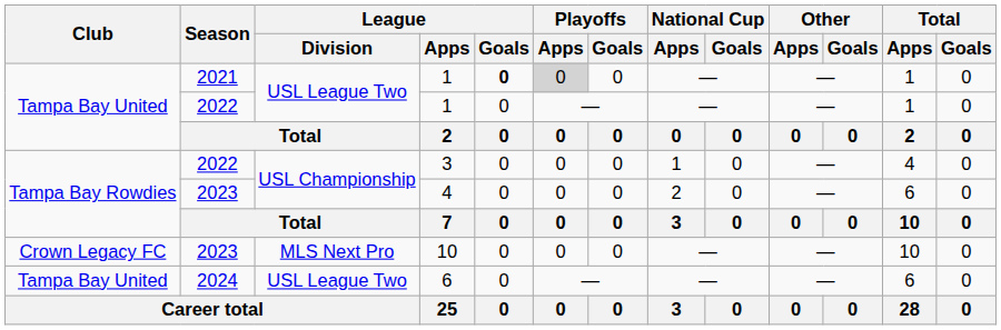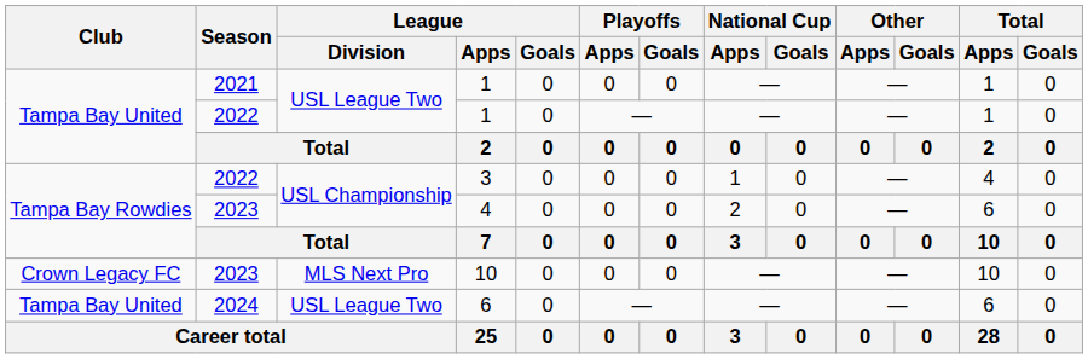 <table class="wikitable" style="text-align: center">
 <tr>
 <th rowspan="2">Club</th>
 <th rowspan="2">Season</th>
 <th colspan="3">League</th>
 <th colspan="2">Playoffs</th>
 <th colspan="2">National Cup</th>
 <th colspan="2">Other</th>
 <th colspan="2">Total</th>
 </tr>
 <tr>
 <th>Division</th>
 <th>Apps</th>
 <th>Goals</th>
 <th>Apps</th>
 <th>Goals</th>
 <th>Apps</th>
 <th>Goals</th>
 <th>Apps</th>
 <th>Goals</th>
 <th>Apps</th>
 <th>Goals</th>
 </tr>
 <tr>
 <td rowspan=3><a href='#'>Tampa Bay United</a></td>
 <td><a href='#'>2021</a></td>
 <td rowspan=2><a href='#'>USL League Two</a></td>
 <td>1</td>
-<td><strong>0</strong></td>
-<td style="background: lightgrey;">0</td>
+<td>0</td>
+<td>0</td>
 <td>0</td>
 <td colspan="2">—</td>
 <td colspan="2">—</td>
 <td>1</td>
 <td>0</td>
 </tr>
 <tr>
 <td><a href='#'>2022</a></td>
 <td>1</td>
 <td>0</td>
 <td colspan="2">—</td>
 <td colspan="2">—</td>
 <td colspan="2">—</td>
 <td>1</td>
 <td>0</td>
 </tr>
 <tr>
 <th colspan="2">Total</th>
 <th>2</th>
 <th>0</th>
 <th>0</th>
 <th>0</th>
 <th>0</th>
 <th>0</th>
 <th>0</th>
 <th>0</th>
 <th>2</th>
 <th>0</th>
 </tr>
 <tr>
 <td rowspan=3><a href='#'>Tampa Bay Rowdies</a></td>
 <td><a href='#'>2022</a></td>
 <td rowspan=2><a href='#'>USL Championship</a></td>
 <td>3</td>
 <td>0</td>
 <td>0</td>
 <td>0</td>
 <td>1</td>
 <td>0</td>
 <td colspan="2">—</td>
 <td>4</td>
 <td>0</td>
 </tr>
 <tr>
 <td><a href='#'>2023</a></td>
 <td>4</td>
 <td>0</td>
 <td>0</td>
 <td>0</td>
 <td>2</td>
 <td>0</td>
 <td colspan="2">—</td>
 <td>6</td>
 <td>0</td>
 </tr>
 <tr>
 <th colspan="2">Total</th>
 <th>7</th>
 <th>0</th>
 <th>0</th>
 <th>0</th>
 <th>3</th>
 <th>0</th>
 <th>0</th>
 <th>0</th>
 <th>10</th>
 <th>0</th>
 </tr>
 <tr>
 <td><a href='#'>Crown Legacy FC</a></td>
 <td><a href='#'>2023</a></td>
 <td><a href='#'>MLS Next Pro</a></td>
 <td>10</td>
 <td>0</td>
 <td>0</td>
 <td>0</td>
 <td colspan="2">—</td>
 <td colspan="2">—</td>
 <td>10</td>
 <td>0</td>
 </tr>
 <tr>
 <td><a href='#'>Tampa Bay United</a></td>
 <td><a href='#'>2024</a></td>
 <td><a href='#'>USL League Two</a></td>
 <td>6</td>
 <td>0</td>
 <td colspan="2">—</td>
 <td colspan="2">—</td>
 <td colspan="2">—</td>
 <td>6</td>
 <td>0</td>
 </tr>
 <tr>
 <th colspan="3">Career total</th>
 <th>25</th>
 <th>0</th>
 <th>0</th>
 <th>0</th>
 <th>3</th>
 <th>0</th>
 <th>0</th>
 <th>0</th>
 <th>28</th>
 <th>0</th>
 </tr>
 </table>
